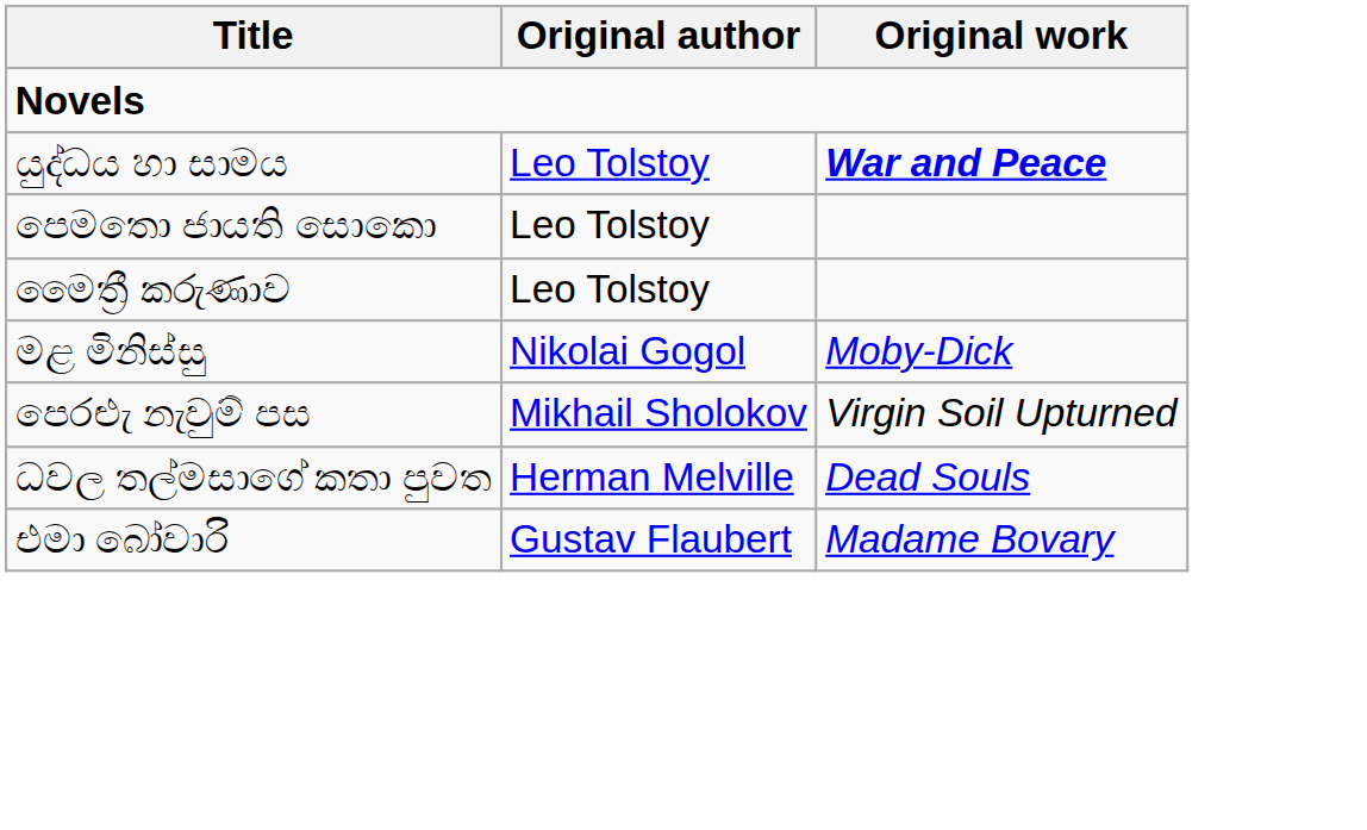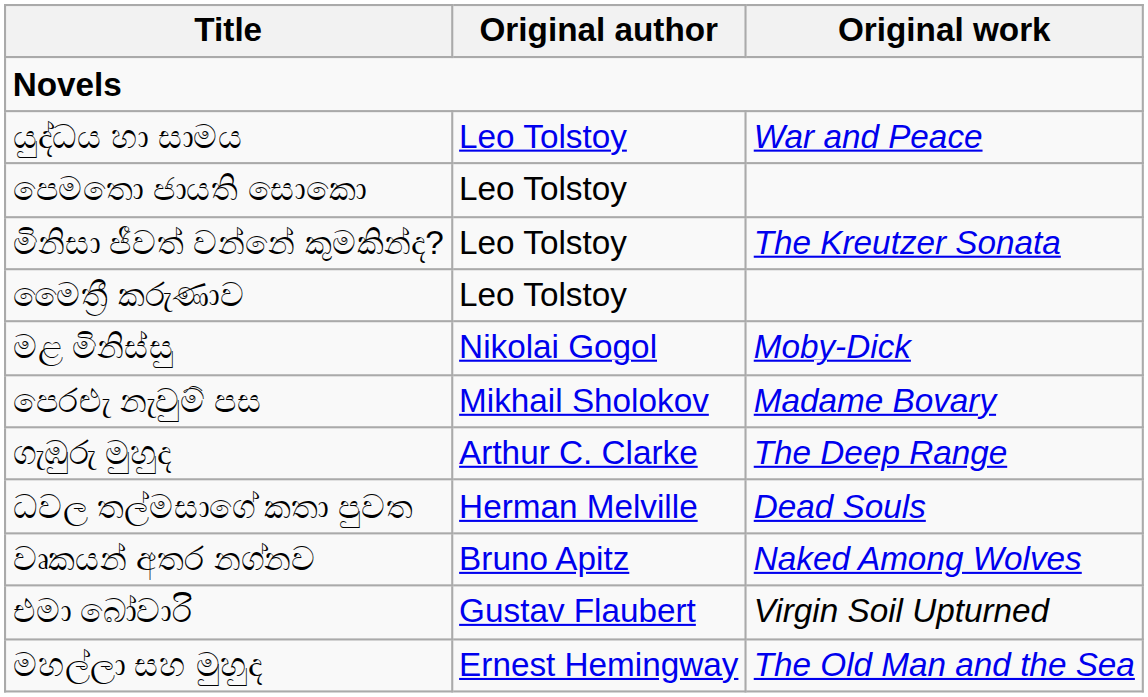 <table class="wikitable">
 <tr>
 <th>Title</th>
 <th>Original author</th>
 <th>Original work</th>
 </tr>
 <tr>
 <td colspan="3"><strong>Novels</strong></td>
 </tr>
 <tr>
 <td>යුද්ධය හා සාමය</td>
 <td><a href='#'>Leo Tolstoy</a></td>
-<td><strong><em><a href='#'>War and Peace</a></em></strong></td>
+<td><em><a href='#'>War and Peace</a></em></td>
 </tr>
 <tr>
 <td>පෙමතො ජායති සොකො</td>
 <td>Leo Tolstoy</td>
 <td></td>
+</tr>
+<tr>
+<td>මිනිසා ජීවත් වන්නේ කුමකින්ද?</td>
+<td>Leo Tolstoy</td>
+<td><em><a href='#'>The Kreutzer Sonata</a></em></td>
 </tr>
 <tr>
 <td>මෛත්‍රී කරුණාව</td>
 <td>Leo Tolstoy</td>
 <td></td>
 </tr>
 <tr>
 <td>මළ මිනිස්සු</td>
 <td><a href='#'>Nikolai Gogol</a></td>
 <td><em><a href='#'>Moby-Dick</a></em></td>
 </tr>
 <tr>
 <td>පෙරළුැ නැවුම් පස</td>
 <td><a href='#'>Mikhail Sholokov</a></td>
-<td><em>Virgin Soil Upturned</em></td>
+<td><em><a href='#'>Madame Bovary</a></em></td>
+</tr>
+<tr>
+<td>ගැඹුරු මුහුද</td>
+<td><a href='#'>Arthur C. Clarke</a></td>
+<td><em><a href='#'>The Deep Range</a></em></td>
 </tr>
 <tr>
 <td>ධවල තල්මසාගේ කතා පුවත</td>
 <td><a href='#'>Herman Melville</a></td>
 <td><em><a href='#'>Dead Souls</a></em></td>
 </tr>
 <tr>
+<td>වෘකයන් අතර නග්නව</td>
+<td><a href='#'>Bruno Apitz</a></td>
+<td><em><a href='#'>Naked Among Wolves</a></em></td>
+</tr>
+<tr>
 <td>එමා බෝවාරි</td>
 <td><a href='#'>Gustav Flaubert</a></td>
-<td><em><a href='#'>Madame Bovary</a></em></td>
+<td><em>Virgin Soil Upturned</em></td>
+</tr>
+<tr>
+<td>මහල්ලා සහ මුහුද</td>
+<td><a href='#'>Ernest Hemingway</a></td>
+<td><em><a href='#'>The Old Man and the Sea</a></em></td>
 </tr>
 </table>
